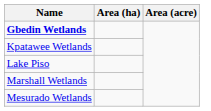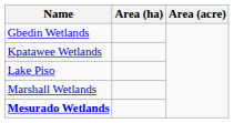 <table class="wikitable sortable">
 <tr>
 <th scope="col" align=left>Name</th>
 <th scope="col">Area (ha)</th>
 <th scope="col">Area (acre)</th>
 </tr>
 <tr ---->
-<td><strong><a href='#'>Gbedin Wetlands</a></strong></td>
+<td><a href='#'>Gbedin Wetlands</a></td>
 <td></td>
 </tr>
 <tr ---->
 <td><a href='#'>Kpatawee Wetlands</a></td>
 <td></td>
 </tr>
 <tr ---->
 <td><a href='#'>Lake Piso</a></td>
 <td></td>
 </tr>
 <tr ---->
 <td><a href='#'>Marshall Wetlands</a></td>
 <td></td>
 </tr>
 <tr ---->
-<td><a href='#'>Mesurado Wetlands</a></td>
+<td><strong><a href='#'>Mesurado Wetlands</a></strong></td>
 <td></td>
 </tr>
 </table>
